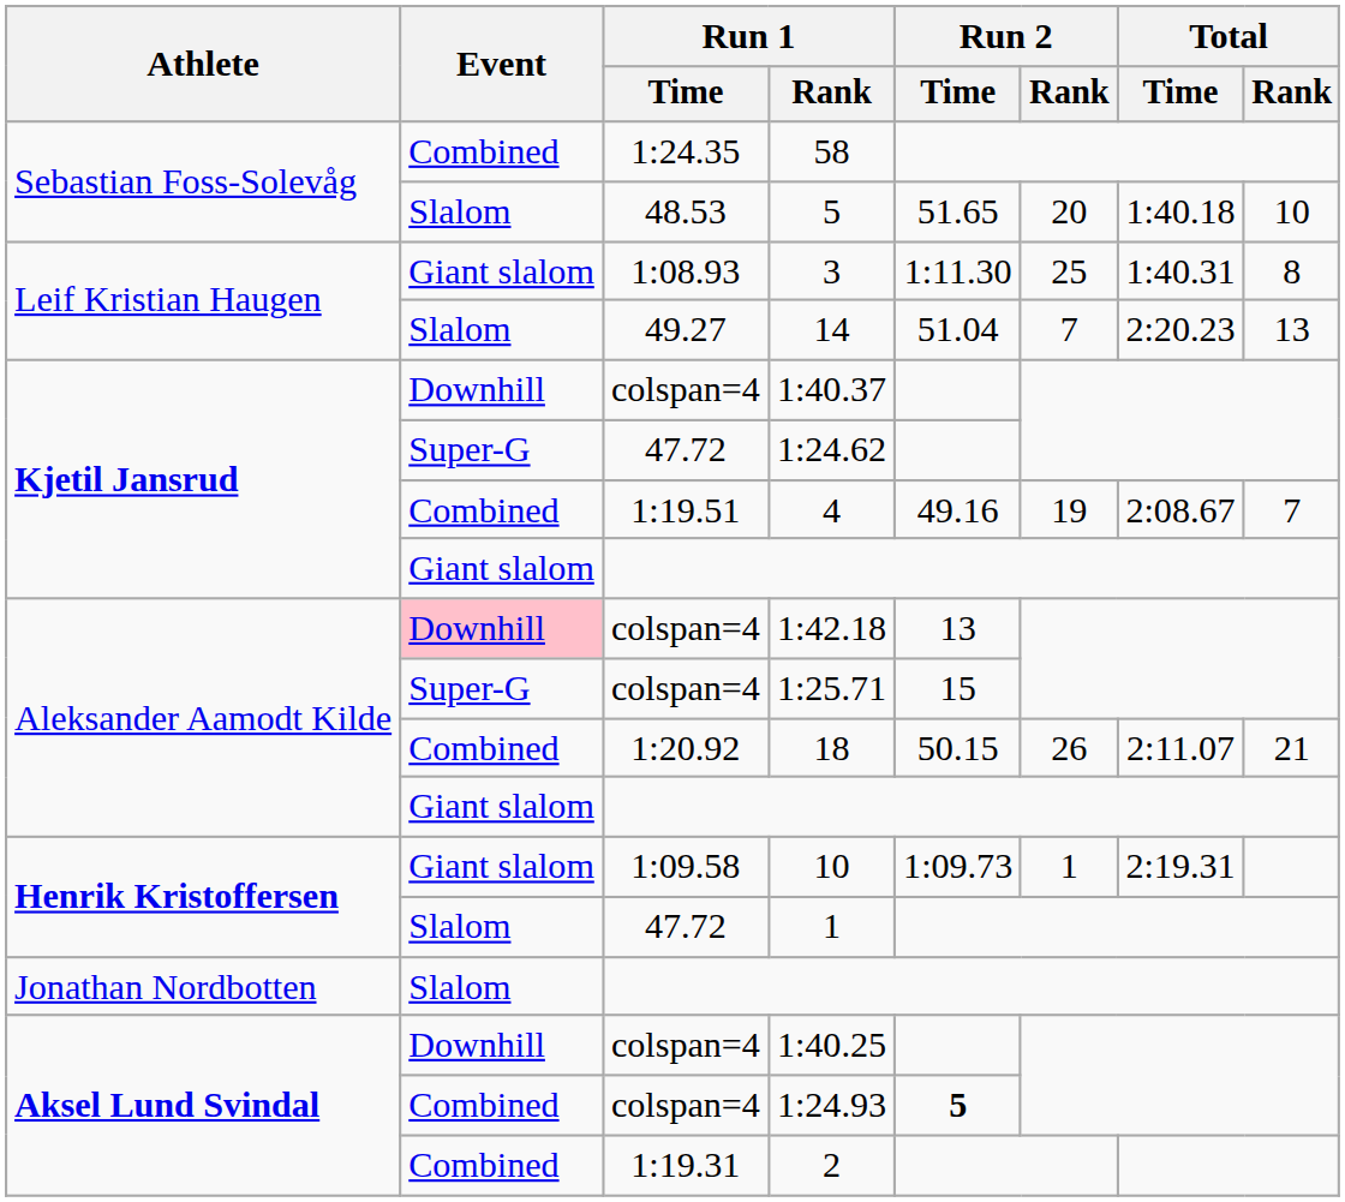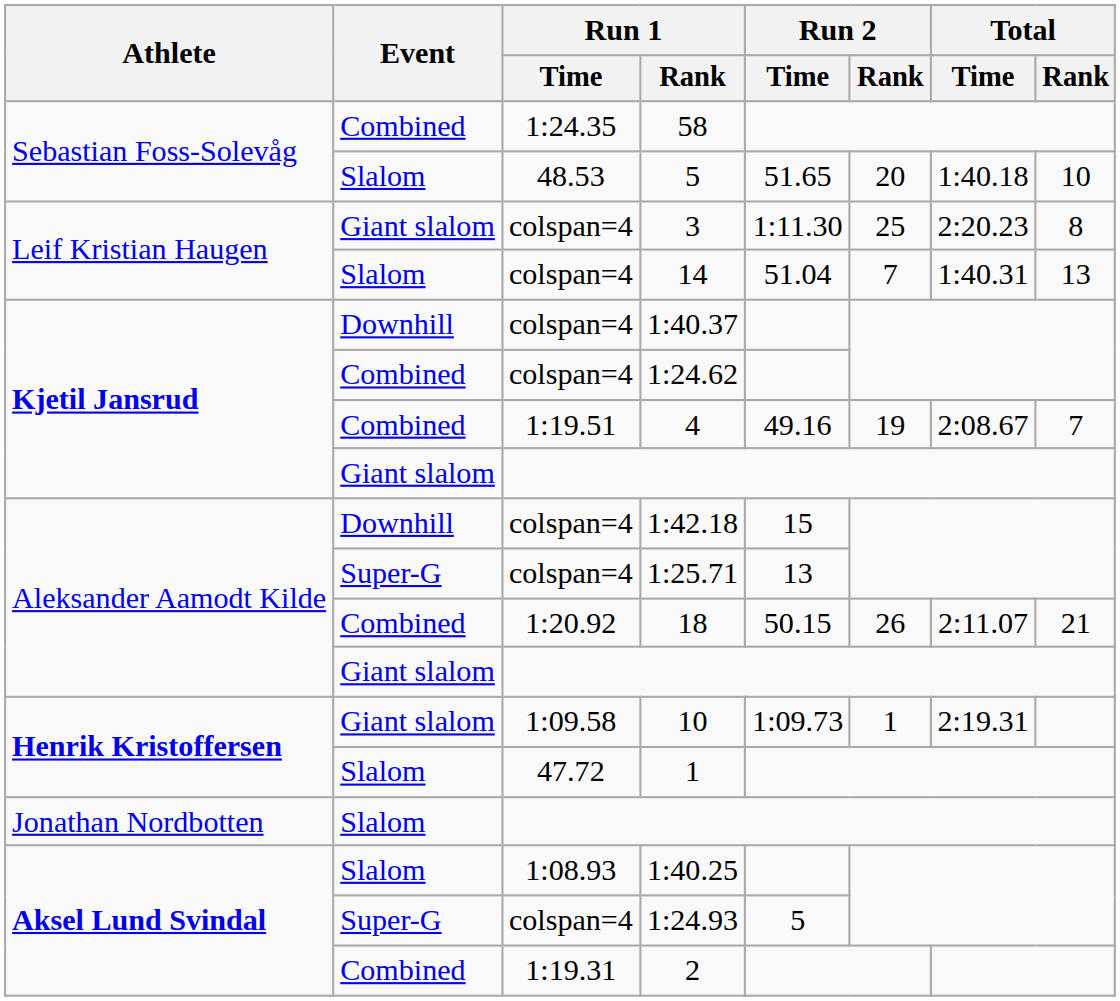 <table class="wikitable" style="font-size:90%">
 <tr>
 <th rowspan=2>Athlete</th>
 <th rowspan=2>Event</th>
 <th colspan=2>Run 1</th>
 <th colspan=2>Run 2</th>
 <th colspan=2>Total</th>
 </tr>
 <tr style="font-size:95%">
 <th>Time</th>
 <th>Rank</th>
 <th>Time</th>
 <th>Rank</th>
 <th>Time</th>
 <th>Rank</th>
 </tr>
 <tr align=center>
 <td align=left rowspan=2><a href='#'>Sebastian Foss-Solevåg</a></td>
 <td align=left><a href='#'>Combined</a></td>
 <td>1:24.35</td>
 <td>58</td>
 <td colspan=4></td>
 </tr>
 <tr align=center>
 <td align=left><a href='#'>Slalom</a></td>
 <td>48.53</td>
 <td>5</td>
 <td>51.65</td>
 <td>20</td>
 <td>1:40.18</td>
 <td>10</td>
 </tr>
 <tr align=center>
 <td align=left rowspan=2><a href='#'>Leif Kristian Haugen</a></td>
 <td align=left><a href='#'>Giant slalom</a></td>
-<td>1:08.93</td>
+<td>colspan=4 </td>
 <td>3</td>
 <td>1:11.30</td>
 <td>25</td>
-<td>1:40.31</td>
+<td>2:20.23</td>
 <td>8</td>
 </tr>
 <tr align=center>
 <td align=left><a href='#'>Slalom</a></td>
-<td>49.27</td>
+<td>colspan=4 </td>
 <td>14</td>
 <td>51.04</td>
 <td>7</td>
-<td>2:20.23</td>
+<td>1:40.31</td>
 <td>13</td>
 </tr>
 <tr align=center>
 <td align=left rowspan=4><strong><a href='#'>Kjetil Jansrud</a></strong></td>
 <td align=left><a href='#'>Downhill</a></td>
 <td>colspan=4 </td>
 <td>1:40.37</td>
 <td></td>
 </tr>
 <tr align=center>
-<td align=left><a href='#'>Super-G</a></td>
-<td>47.72</td>
+<td align=left><a href='#'>Combined</a></td>
+<td>colspan=4 </td>
 <td>1:24.62</td>
 <td></td>
 </tr>
 <tr align=center>
 <td align=left><a href='#'>Combined</a></td>
 <td>1:19.51</td>
 <td>4</td>
 <td>49.16</td>
 <td>19</td>
 <td>2:08.67</td>
 <td>7</td>
 </tr>
 <tr align=center>
 <td align=left><a href='#'>Giant slalom</a></td>
 <td colspan=6></td>
 </tr>
 <tr align=center>
 <td align=left rowspan=4><a href='#'>Aleksander Aamodt Kilde</a></td>
-<td align=left style="background: pink;"><a href='#'>Downhill</a></td>
+<td align=left><a href='#'>Downhill</a></td>
 <td>colspan=4 </td>
 <td>1:42.18</td>
-<td>13</td>
+<td>15</td>
 </tr>
 <tr align=center>
 <td align=left><a href='#'>Super-G</a></td>
 <td>colspan=4 </td>
 <td>1:25.71</td>
-<td>15</td>
+<td>13</td>
 </tr>
 <tr align=center>
 <td align=left><a href='#'>Combined</a></td>
 <td>1:20.92</td>
 <td>18</td>
 <td>50.15</td>
 <td>26</td>
 <td>2:11.07</td>
 <td>21</td>
 </tr>
 <tr align=center>
 <td align=left><a href='#'>Giant slalom</a></td>
 <td colspan=6></td>
 </tr>
 <tr align=center>
 <td align=left rowspan=2><strong><a href='#'>Henrik Kristoffersen</a></strong></td>
 <td align=left><a href='#'>Giant slalom</a></td>
 <td>1:09.58</td>
 <td>10</td>
 <td>1:09.73</td>
 <td>1</td>
 <td>2:19.31</td>
 <td></td>
 </tr>
 <tr align=center>
 <td align=left><a href='#'>Slalom</a></td>
 <td>47.72</td>
 <td>1</td>
 <td colspan=4></td>
 </tr>
 <tr align=center>
 <td align=left><a href='#'>Jonathan Nordbotten</a></td>
 <td align=left><a href='#'>Slalom</a></td>
 <td colspan=6></td>
 </tr>
 <tr align=center>
 <td align=left rowspan=3><strong><a href='#'>Aksel Lund Svindal</a></strong></td>
-<td align=left><a href='#'>Downhill</a></td>
-<td>colspan=4 </td>
+<td align=left><a href='#'>Slalom</a></td>
+<td>1:08.93</td>
 <td>1:40.25</td>
 <td></td>
 </tr>
 <tr align=center>
-<td align=left><a href='#'>Combined</a></td>
+<td align=left><a href='#'>Super-G</a></td>
 <td>colspan=4 </td>
 <td>1:24.93</td>
-<td><strong>5</strong></td>
+<td>5</td>
 </tr>
 <tr align=center>
 <td align=left><a href='#'>Combined</a></td>
 <td>1:19.31</td>
 <td>2</td>
 <td colspan=2></td>
 <td colspan=2></td>
 </tr>
 </table>
